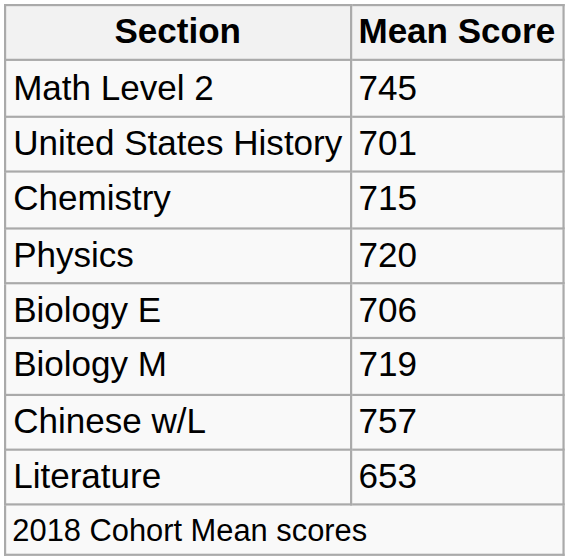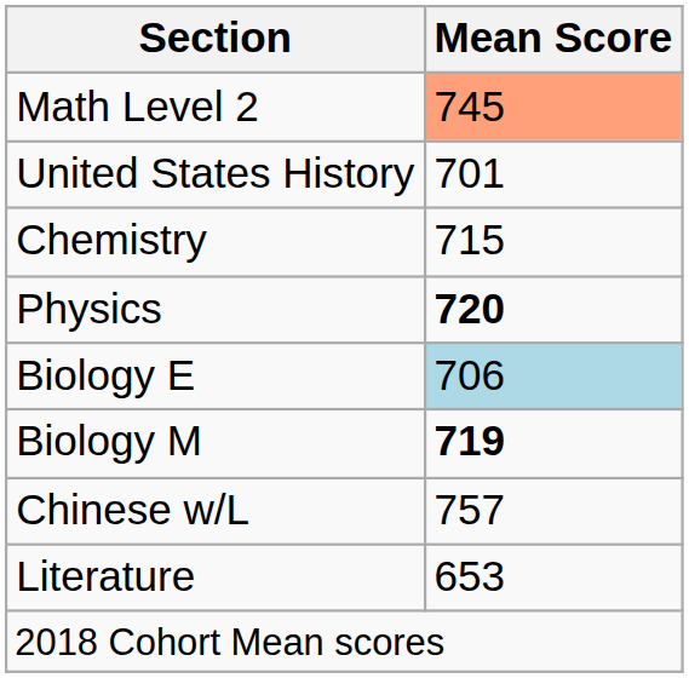 <table class="wikitable">
 <tr>
 <th>Section</th>
 <th>Mean Score</th>
 </tr>
 <tr>
 <td>Math Level 2</td>
-<td>745</td>
+<td style="background: lightsalmon;">745</td>
 </tr>
 <tr>
 <td>United States History</td>
 <td>701</td>
 </tr>
 <tr>
 <td>Chemistry</td>
 <td>715</td>
 </tr>
 <tr>
 <td>Physics</td>
-<td>720</td>
+<td><strong>720</strong></td>
 </tr>
 <tr>
 <td>Biology E</td>
-<td>706</td>
+<td style="background: lightblue;">706</td>
 </tr>
 <tr>
 <td>Biology M</td>
-<td>719</td>
+<td><strong>719</strong></td>
 </tr>
 <tr>
 <td>Chinese w/L</td>
 <td>757</td>
 </tr>
 <tr>
 <td>Literature</td>
 <td>653</td>
 </tr>
 <tr>
 <td colspan=3 style="font-size:88%">2018 Cohort Mean scores</td>
 </tr>
 </table>
